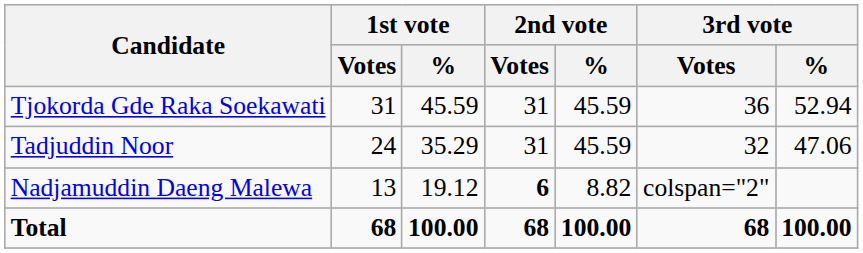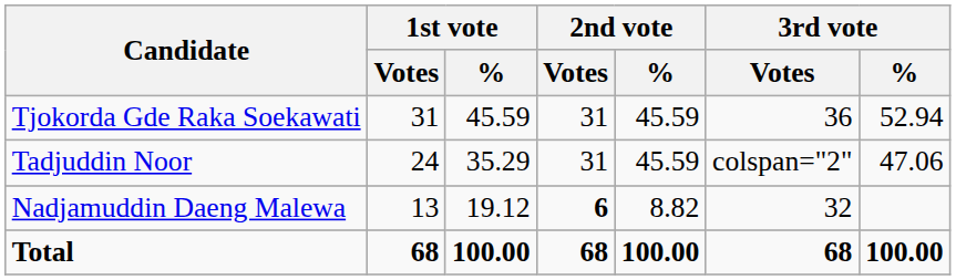 <table class="wikitable" style="text-align:right;">
 <tr>
 <th rowspan="2" scope="col">Candidate</th>
 <th colspan="2" scope="col">1st vote</th>
 <th colspan="2" scope="col">2nd vote</th>
 <th colspan="2" scope="col">3rd vote</th>
 </tr>
 <tr>
 <th scope="col">Votes</th>
 <th scope="col">%</th>
 <th scope="col">Votes</th>
 <th scope="col">%</th>
 <th scope="col">Votes</th>
 <th scope="col">%</th>
 </tr>
 <tr>
 <td style="text-align:left;"><a href='#'>Tjokorda Gde Raka Soekawati</a></td>
 <td>31</td>
 <td>45.59</td>
 <td>31</td>
 <td>45.59</td>
 <td>36</td>
 <td>52.94</td>
 </tr>
 <tr>
 <td style="text-align:left;"><a href='#'>Tadjuddin Noor</a></td>
 <td>24</td>
 <td>35.29</td>
 <td>31</td>
 <td>45.59</td>
-<td>32</td>
+<td>colspan="2" </td>
 <td>47.06</td>
 </tr>
 <tr>
 <td style="text-align:left;"><a href='#'>Nadjamuddin Daeng Malewa</a></td>
 <td>13</td>
 <td>19.12</td>
 <td><strong>6</strong></td>
 <td>8.82</td>
-<td>colspan="2" </td>
+<td>32</td>
 </tr>
 <tr>
 <td style="text-align:left;"><strong>Total</strong></td>
 <td><strong>68</strong></td>
 <td><strong>100.00</strong></td>
 <td><strong>68</strong></td>
 <td><strong>100.00</strong></td>
 <td><strong>68</strong></td>
 <td><strong>100.00</strong></td>
 </tr>
 </table>
